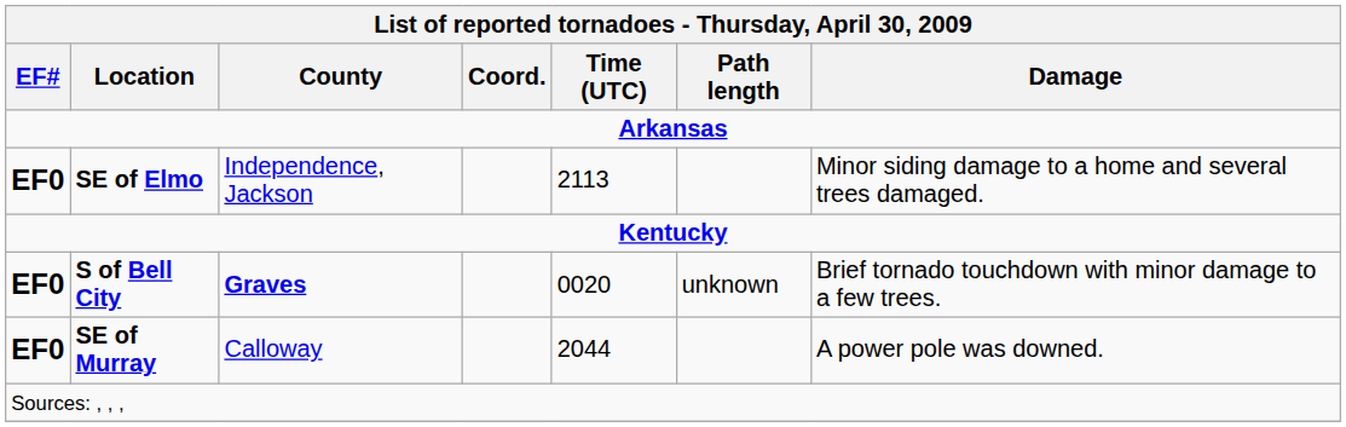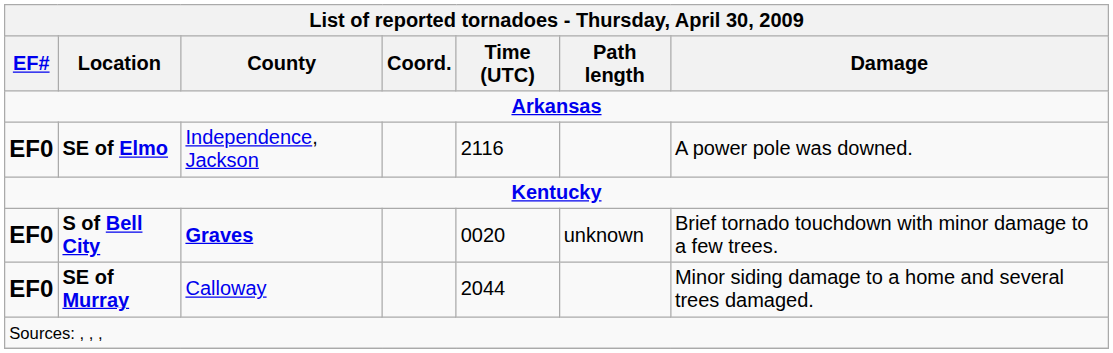 <table class="wikitable collapsible" width="100%">
 <tr>
 <th colspan="7">List of reported tornadoes - Thursday, April 30, 2009</th>
 </tr>
 <tr>
 <th><a href='#'>EF#</a></th>
 <th>Location</th>
 <th>County</th>
 <th>Coord.</th>
 <th>Time (UTC)</th>
 <th>Path length</th>
 <th>Damage</th>
 </tr>
 <tr>
 <td colspan="7" align=center><strong><a href='#'>Arkansas</a></strong></td>
 </tr>
 <tr>
 <td><big><strong>EF0</strong></big></td>
 <td><strong>SE of <a href='#'>Elmo</a></strong></td>
 <td><a href='#'>Independence</a>, <a href='#'>Jackson</a></td>
 <td></td>
-<td>2113</td>
+<td>2116</td>
 <td></td>
-<td>Minor siding damage to a home and several trees damaged.</td>
+<td>A power pole was downed.</td>
 </tr>
 <tr>
 <td colspan="7" align=center><strong><a href='#'>Kentucky</a></strong></td>
 </tr>
 <tr>
 <td><big><strong>EF0</strong></big></td>
 <td><strong>S of <a href='#'>Bell City</a></strong></td>
 <td><strong><a href='#'>Graves</a></strong></td>
 <td></td>
 <td>0020</td>
 <td>unknown</td>
 <td>Brief tornado touchdown with minor damage to a few trees.</td>
 </tr>
 <tr>
 <td><big><strong>EF0</strong></big></td>
 <td><strong>SE of <a href='#'>Murray</a></strong></td>
 <td><a href='#'>Calloway</a></td>
 <td></td>
 <td>2044</td>
 <td></td>
-<td>A power pole was downed.</td>
+<td>Minor siding damage to a home and several trees damaged.</td>
 </tr>
 <tr>
 <td colspan="7"><small>Sources: , , , </small></td>
 </tr>
 <tr>
 </tr>
 </table>
